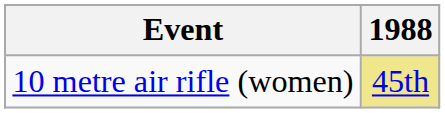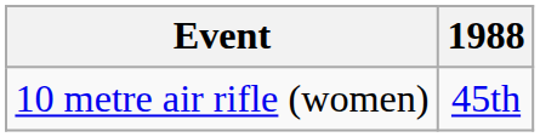 <table class="wikitable" style="text-align: center">
 <tr>
 <th>Event</th>
 <th>1988</th>
 </tr>
 <tr>
 <td align=left><a href='#'>10 metre air rifle</a> (women)</td>
-<td style="background: khaki;"><a href='#'>45th</a></td>
+<td><a href='#'>45th</a></td>
 </tr>
 </table>
